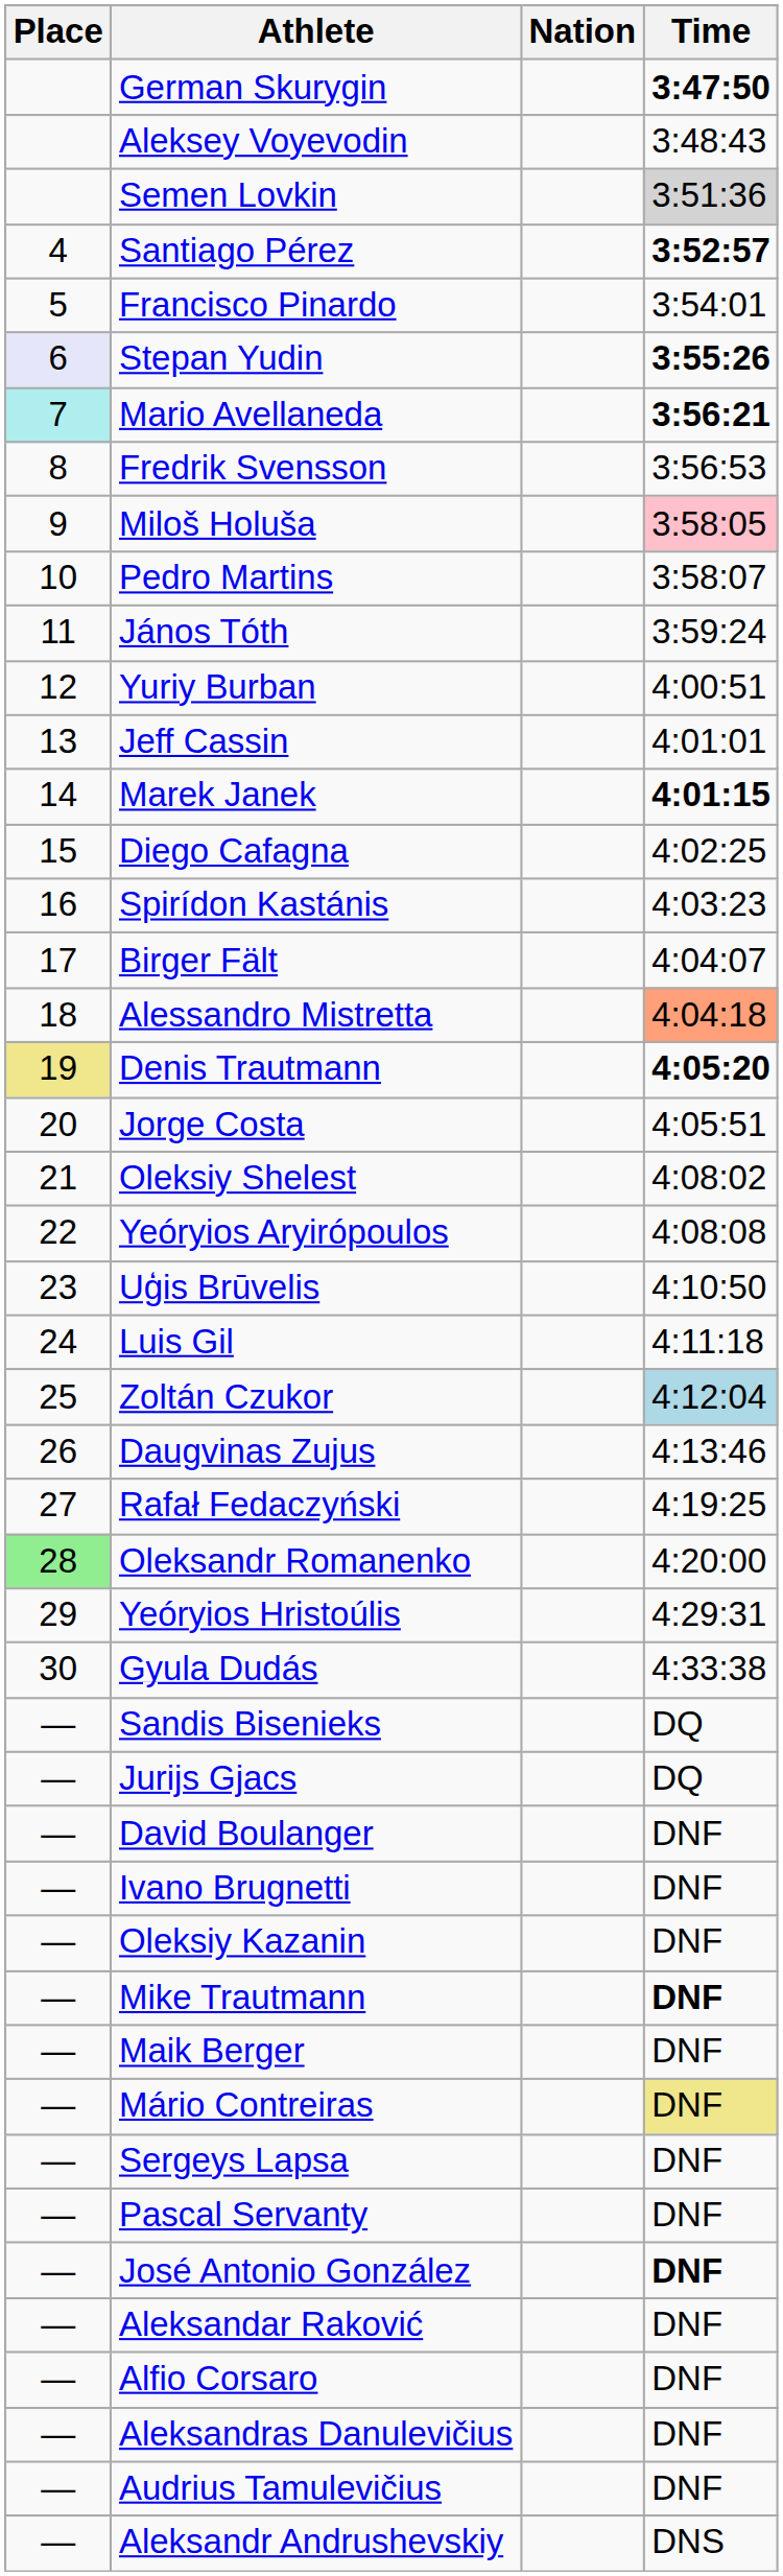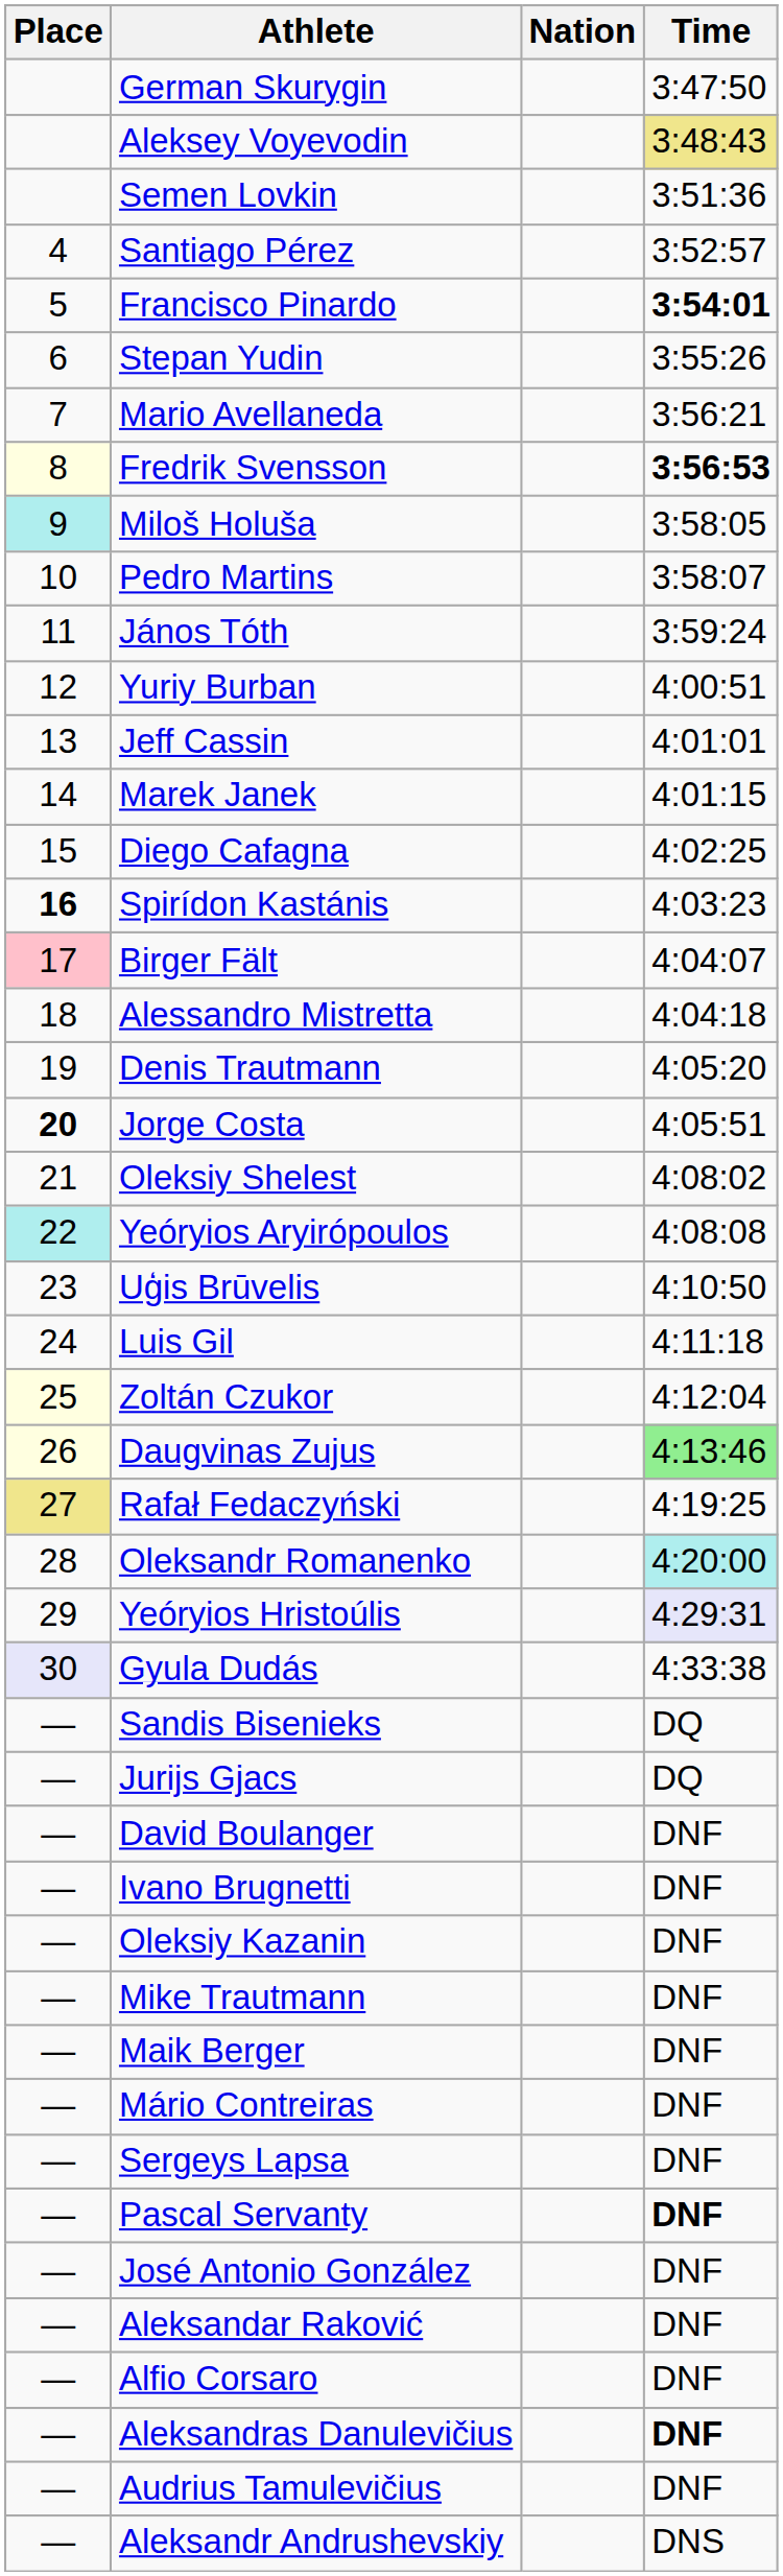 <table class=wikitable>
 <tr>
 <th>Place</th>
 <th>Athlete</th>
 <th>Nation</th>
 <th>Time</th>
 </tr>
 <tr>
 <td align=center></td>
 <td><a href='#'>German Skurygin</a></td>
 <td></td>
-<td><strong>3:47:50</strong></td>
+<td>3:47:50</td>
 </tr>
 <tr>
 <td align=center></td>
 <td><a href='#'>Aleksey Voyevodin</a></td>
 <td></td>
-<td>3:48:43</td>
+<td style="background: khaki;">3:48:43</td>
 </tr>
 <tr>
 <td align=center></td>
 <td><a href='#'>Semen Lovkin</a></td>
 <td></td>
-<td style="background: lightgrey;">3:51:36</td>
+<td>3:51:36</td>
 </tr>
 <tr>
 <td align=center>4</td>
 <td><a href='#'>Santiago Pérez</a></td>
 <td></td>
-<td><strong>3:52:57</strong></td>
+<td>3:52:57</td>
 </tr>
 <tr>
 <td align=center>5</td>
 <td><a href='#'>Francisco Pinardo</a></td>
 <td></td>
-<td>3:54:01</td>
+<td><strong>3:54:01</strong></td>
 </tr>
 <tr>
-<td align=center style="background: lavender;">6</td>
+<td align=center>6</td>
 <td><a href='#'>Stepan Yudin</a></td>
 <td></td>
-<td><strong>3:55:26</strong></td>
+<td>3:55:26</td>
 </tr>
 <tr>
-<td align=center style="background: paleturquoise;">7</td>
+<td align=center>7</td>
 <td><a href='#'>Mario Avellaneda</a></td>
 <td></td>
-<td><strong>3:56:21</strong></td>
+<td>3:56:21</td>
 </tr>
 <tr>
-<td align=center>8</td>
+<td align=center style="background: lightyellow;">8</td>
 <td><a href='#'>Fredrik Svensson</a></td>
 <td></td>
-<td>3:56:53</td>
+<td><strong>3:56:53</strong></td>
 </tr>
 <tr>
-<td align=center>9</td>
+<td align=center style="background: paleturquoise;">9</td>
 <td><a href='#'>Miloš Holuša</a></td>
 <td></td>
-<td style="background: pink;">3:58:05</td>
+<td>3:58:05</td>
 </tr>
 <tr>
 <td align=center>10</td>
 <td><a href='#'>Pedro Martins</a></td>
 <td></td>
 <td>3:58:07</td>
 </tr>
 <tr>
 <td align=center>11</td>
 <td><a href='#'>János Tóth</a></td>
 <td></td>
 <td>3:59:24</td>
 </tr>
 <tr>
 <td align=center>12</td>
 <td><a href='#'>Yuriy Burban</a></td>
 <td></td>
 <td>4:00:51</td>
 </tr>
 <tr>
 <td align=center>13</td>
 <td><a href='#'>Jeff Cassin</a></td>
 <td></td>
 <td>4:01:01</td>
 </tr>
 <tr>
 <td align=center>14</td>
 <td><a href='#'>Marek Janek</a></td>
 <td></td>
-<td><strong>4:01:15</strong></td>
+<td>4:01:15</td>
 </tr>
 <tr>
 <td align=center>15</td>
 <td><a href='#'>Diego Cafagna</a></td>
 <td></td>
 <td>4:02:25</td>
 </tr>
 <tr>
-<td align=center>16</td>
+<td align=center><strong>16</strong></td>
 <td><a href='#'>Spirídon Kastánis</a></td>
 <td></td>
 <td>4:03:23</td>
 </tr>
 <tr>
-<td align=center>17</td>
+<td align=center style="background: pink;">17</td>
 <td><a href='#'>Birger Fält</a></td>
 <td></td>
 <td>4:04:07</td>
 </tr>
 <tr>
 <td align=center>18</td>
 <td><a href='#'>Alessandro Mistretta</a></td>
 <td></td>
-<td style="background: lightsalmon;">4:04:18</td>
+<td>4:04:18</td>
 </tr>
 <tr>
-<td align=center style="background: khaki;">19</td>
+<td align=center>19</td>
 <td><a href='#'>Denis Trautmann</a></td>
 <td></td>
-<td><strong>4:05:20</strong></td>
+<td>4:05:20</td>
 </tr>
 <tr>
-<td align=center>20</td>
+<td align=center><strong>20</strong></td>
 <td><a href='#'>Jorge Costa</a></td>
 <td></td>
 <td>4:05:51</td>
 </tr>
 <tr>
 <td align=center>21</td>
 <td><a href='#'>Oleksiy Shelest</a></td>
 <td></td>
 <td>4:08:02</td>
 </tr>
 <tr>
-<td align=center>22</td>
+<td align=center style="background: paleturquoise;">22</td>
 <td><a href='#'>Yeóryios Aryirópoulos</a></td>
 <td></td>
 <td>4:08:08</td>
 </tr>
 <tr>
 <td align=center>23</td>
 <td><a href='#'>Uģis Brūvelis</a></td>
 <td></td>
 <td>4:10:50</td>
 </tr>
 <tr>
 <td align=center>24</td>
 <td><a href='#'>Luis Gil</a></td>
 <td></td>
 <td>4:11:18</td>
 </tr>
 <tr>
-<td align=center>25</td>
+<td align=center style="background: lightyellow;">25</td>
 <td><a href='#'>Zoltán Czukor</a></td>
 <td></td>
-<td style="background: lightblue;">4:12:04</td>
+<td>4:12:04</td>
 </tr>
 <tr>
-<td align=center>26</td>
+<td align=center style="background: lightyellow;">26</td>
 <td><a href='#'>Daugvinas Zujus</a></td>
 <td></td>
-<td>4:13:46</td>
+<td style="background: lightgreen;">4:13:46</td>
 </tr>
 <tr>
-<td align=center>27</td>
+<td align=center style="background: khaki;">27</td>
 <td><a href='#'>Rafał Fedaczyński</a></td>
 <td></td>
 <td>4:19:25</td>
 </tr>
 <tr>
-<td align=center style="background: lightgreen;">28</td>
+<td align=center>28</td>
 <td><a href='#'>Oleksandr Romanenko</a></td>
 <td></td>
-<td>4:20:00</td>
+<td style="background: paleturquoise;">4:20:00</td>
 </tr>
 <tr>
 <td align=center>29</td>
 <td><a href='#'>Yeóryios Hristoúlis</a></td>
 <td></td>
-<td>4:29:31</td>
+<td style="background: lavender;">4:29:31</td>
 </tr>
 <tr>
-<td align=center>30</td>
+<td align=center style="background: lavender;">30</td>
 <td><a href='#'>Gyula Dudás</a></td>
 <td></td>
 <td>4:33:38</td>
 </tr>
 <tr>
 <td align=center>—</td>
 <td><a href='#'>Sandis Bisenieks</a></td>
 <td></td>
 <td>DQ</td>
 </tr>
 <tr>
 <td align=center>—</td>
 <td><a href='#'>Jurijs Gjacs</a></td>
 <td></td>
 <td>DQ</td>
 </tr>
 <tr>
 <td align=center>—</td>
 <td><a href='#'>David Boulanger</a></td>
 <td></td>
 <td>DNF</td>
 </tr>
 <tr>
 <td align=center>—</td>
 <td><a href='#'>Ivano Brugnetti</a></td>
 <td></td>
 <td>DNF</td>
 </tr>
 <tr>
 <td align=center>—</td>
 <td><a href='#'>Oleksiy Kazanin</a></td>
 <td></td>
 <td>DNF</td>
 </tr>
 <tr>
 <td align=center>—</td>
 <td><a href='#'>Mike Trautmann</a></td>
 <td></td>
-<td><strong>DNF</strong></td>
+<td>DNF</td>
 </tr>
 <tr>
 <td align=center>—</td>
 <td><a href='#'>Maik Berger</a></td>
 <td></td>
 <td>DNF</td>
 </tr>
 <tr>
 <td align=center>—</td>
 <td><a href='#'>Mário Contreiras</a></td>
 <td></td>
-<td style="background: khaki;">DNF</td>
+<td>DNF</td>
 </tr>
 <tr>
 <td align=center>—</td>
 <td><a href='#'>Sergeys Lapsa</a></td>
 <td></td>
 <td>DNF</td>
 </tr>
 <tr>
 <td align=center>—</td>
 <td><a href='#'>Pascal Servanty</a></td>
 <td></td>
-<td>DNF</td>
+<td><strong>DNF</strong></td>
 </tr>
 <tr>
 <td align=center>—</td>
 <td><a href='#'>José Antonio González</a></td>
 <td></td>
-<td><strong>DNF</strong></td>
+<td>DNF</td>
 </tr>
 <tr>
 <td align=center>—</td>
 <td><a href='#'>Aleksandar Raković</a></td>
 <td></td>
 <td>DNF</td>
 </tr>
 <tr>
 <td align=center>—</td>
 <td><a href='#'>Alfio Corsaro</a></td>
 <td></td>
 <td>DNF</td>
 </tr>
 <tr>
 <td align=center>—</td>
 <td><a href='#'>Aleksandras Danulevičius</a></td>
 <td></td>
-<td>DNF</td>
+<td><strong>DNF</strong></td>
 </tr>
 <tr>
 <td align=center>—</td>
 <td><a href='#'>Audrius Tamulevičius</a></td>
 <td></td>
 <td>DNF</td>
 </tr>
 <tr>
 <td align=center>—</td>
 <td><a href='#'>Aleksandr Andrushevskiy</a></td>
 <td></td>
 <td>DNS</td>
 </tr>
 </table>
